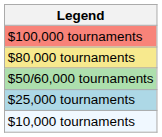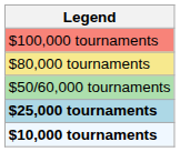 <table class="wikitable" style="font-size:85%">
 <tr>
 <th>Legend</th>
 </tr>
 <tr bgcolor=#F88379>
 <td>$100,000 tournaments</td>
 </tr>
 <tr bgcolor=#F7E98E>
 <td>$80,000 tournaments</td>
 </tr>
 <tr bgcolor=#ADDFAD>
 <td>$50/60,000 tournaments</td>
 </tr>
 <tr bgcolor=lightblue>
-<td>$25,000 tournaments</td>
+<td><strong>$25,000 tournaments</strong></td>
 </tr>
 <tr bgcolor=#f0f8ff>
-<td>$10,000 tournaments</td>
+<td><strong>$10,000 tournaments</strong></td>
 </tr>
 </table>
